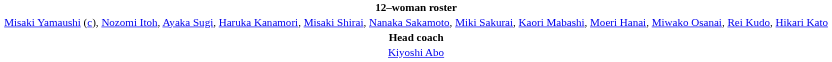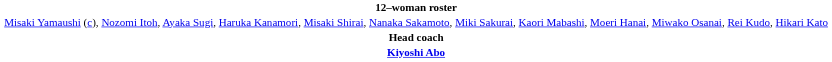 <table style="text-align: center; margin-top: 2em; margin-left: auto; margin-right: auto">
 <tr>
 <td><strong>12–woman roster</strong></td>
 </tr>
 <tr>
 <td><a href='#'>Misaki Yamaushi</a> (<a href='#'>c</a>), <a href='#'>Nozomi Itoh</a>, <a href='#'>Ayaka Sugi</a>, <a href='#'>Haruka Kanamori</a>, <a href='#'>Misaki Shirai</a>, <a href='#'>Nanaka Sakamoto</a>, <a href='#'>Miki Sakurai</a>, <a href='#'>Kaori Mabashi</a>, <a href='#'>Moeri Hanai</a>, <a href='#'>Miwako Osanai</a>, <a href='#'>Rei Kudo</a>, <a href='#'>Hikari Kato</a></td>
 </tr>
 <tr>
 <td><strong>Head coach</strong></td>
 </tr>
 <tr>
-<td><a href='#'>Kiyoshi Abo</a></td>
+<td><strong><a href='#'>Kiyoshi Abo</a></strong></td>
 </tr>
 <tr>
 </tr>
 </table>
